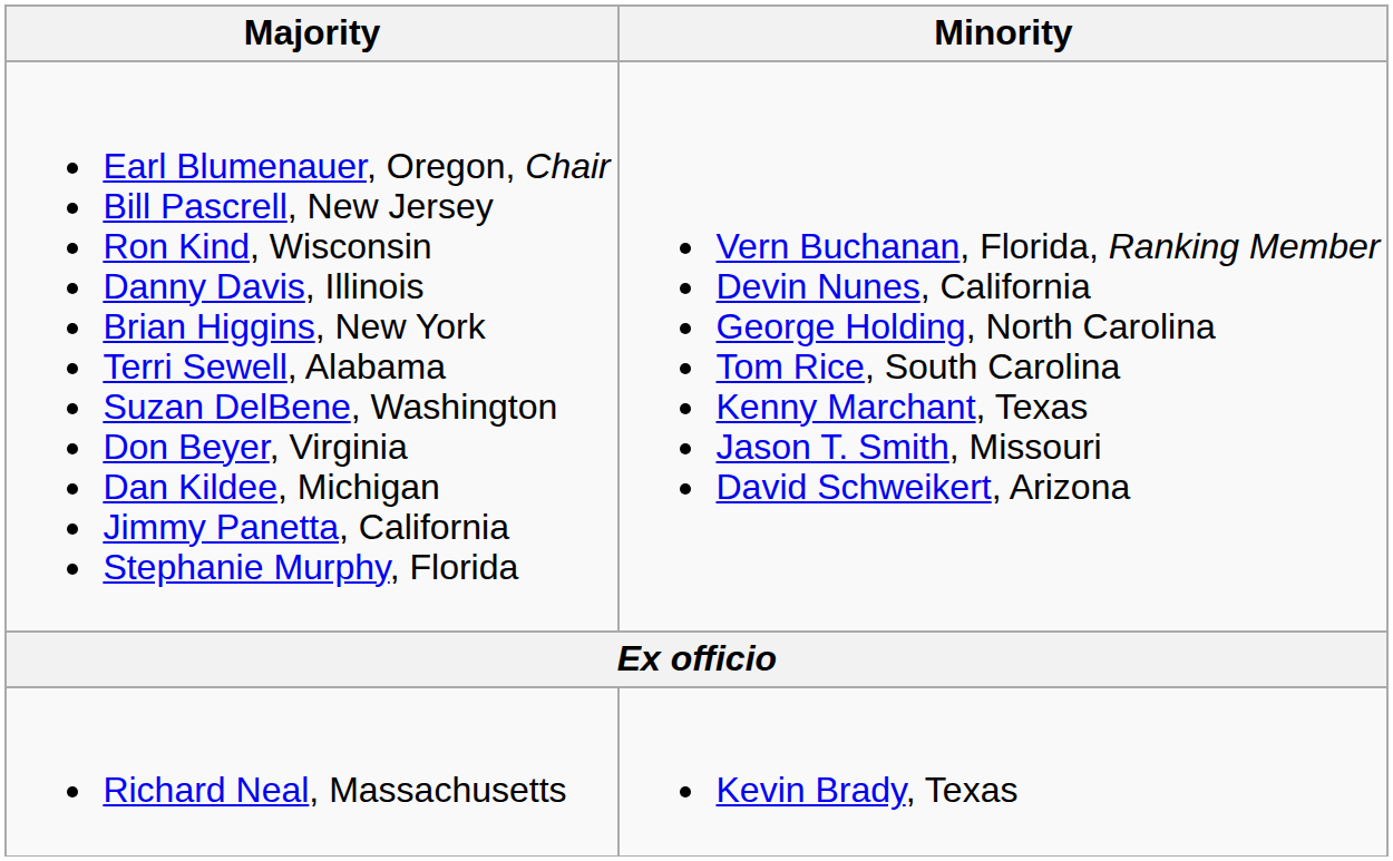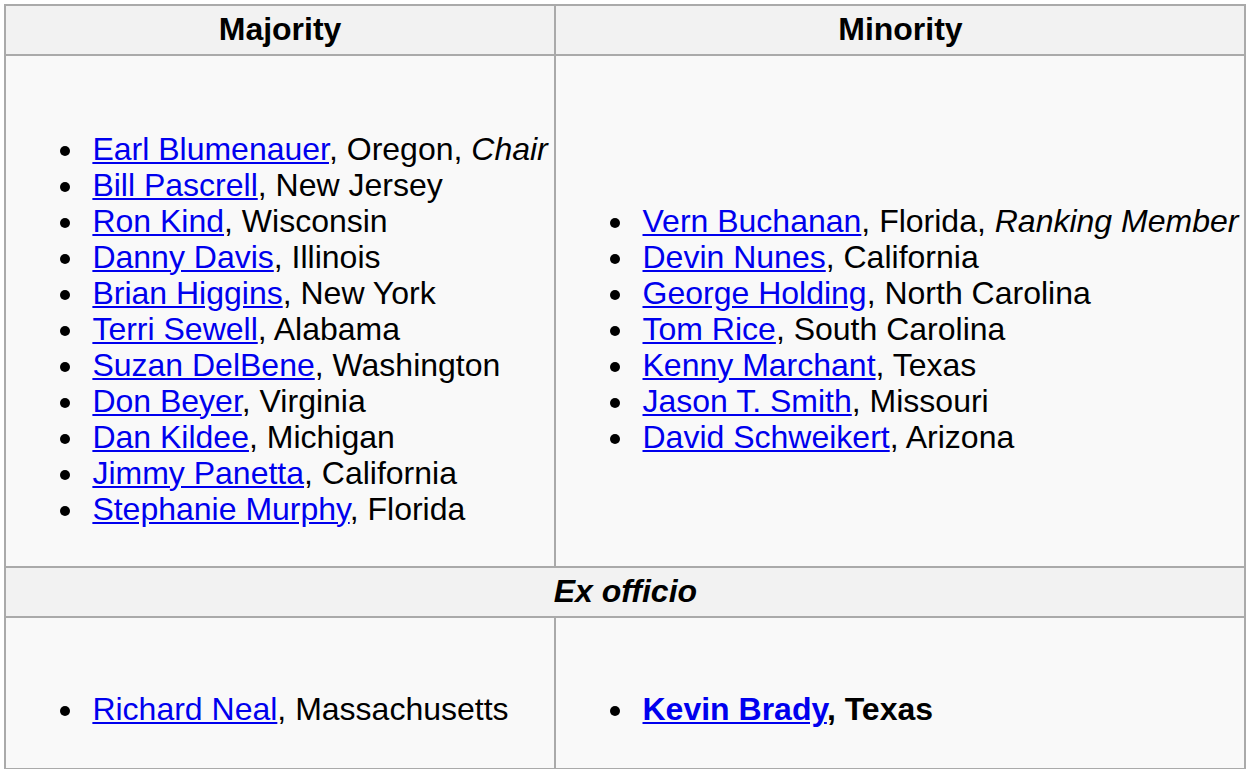 <table class=wikitable>
 <tr>
 <th>Majority</th>
 <th>Minority</th>
 </tr>
 <tr>
 <td><br><ul><li><a href='#'>Earl Blumenauer</a>, Oregon, <em>Chair</em></li><li><a href='#'>Bill Pascrell</a>, New Jersey</li><li><a href='#'>Ron Kind</a>, Wisconsin</li><li><a href='#'>Danny Davis</a>, Illinois</li><li><a href='#'>Brian Higgins</a>, New York</li><li><a href='#'>Terri Sewell</a>, Alabama</li><li><a href='#'>Suzan DelBene</a>, Washington</li><li><a href='#'>Don Beyer</a>, Virginia</li><li><a href='#'>Dan Kildee</a>, Michigan</li><li><a href='#'>Jimmy Panetta</a>, California</li><li><a href='#'>Stephanie Murphy</a>, Florida</li></ul></td>
 <td><br><ul><li><a href='#'>Vern Buchanan</a>, Florida, <em>Ranking Member</em></li><li><a href='#'>Devin Nunes</a>, California</li><li><a href='#'>George Holding</a>, North Carolina</li><li><a href='#'>Tom Rice</a>, South Carolina</li><li><a href='#'>Kenny Marchant</a>, Texas</li><li><a href='#'>Jason T. Smith</a>, Missouri</li><li><a href='#'>David Schweikert</a>, Arizona</li></ul></td>
 </tr>
 <tr>
 <th colspan=2><em>Ex officio</em></th>
 </tr>
 <tr>
 <td><br><ul><li><a href='#'>Richard Neal</a>, Massachusetts</li></ul></td>
-<td><br><ul><li><a href='#'>Kevin Brady</a>, Texas</li></ul></td>
+<td><strong><br><ul><li><a href='#'>Kevin Brady</a>, Texas</li></ul></strong></td>
 </tr>
 </table>
